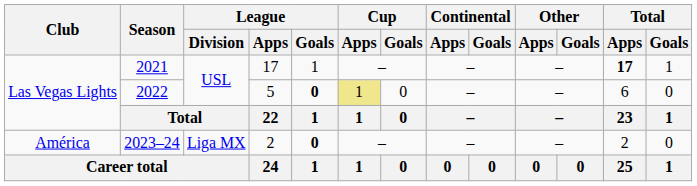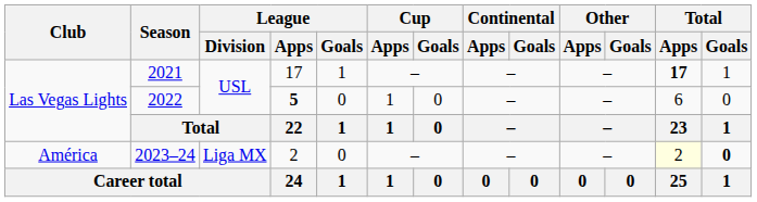 <table class="wikitable" style="text-align: center">
 <tr>
 <th rowspan="2">Club</th>
 <th rowspan="2">Season</th>
 <th colspan="3">League</th>
 <th colspan="2">Cup</th>
 <th colspan="2">Continental</th>
 <th colspan="2">Other</th>
 <th colspan="2">Total</th>
 </tr>
 <tr>
 <th>Division</th>
 <th>Apps</th>
 <th>Goals</th>
 <th>Apps</th>
 <th>Goals</th>
 <th>Apps</th>
 <th>Goals</th>
 <th>Apps</th>
 <th>Goals</th>
 <th>Apps</th>
 <th>Goals</th>
 </tr>
 <tr>
 <td rowspan="3"><a href='#'>Las Vegas Lights</a></td>
 <td><a href='#'>2021</a></td>
 <td rowspan="2"><a href='#'>USL</a></td>
 <td>17</td>
 <td>1</td>
 <td colspan="2">–</td>
 <td colspan="2">–</td>
 <td colspan="2">–</td>
 <td><strong>17</strong></td>
 <td>1</td>
 </tr>
 <tr>
 <td><a href='#'>2022</a></td>
-<td>5</td>
-<td><strong>0</strong></td>
-<td style="background: khaki;">1</td>
+<td><strong>5</strong></td>
+<td>0</td>
+<td>1</td>
 <td>0</td>
 <td colspan="2">–</td>
 <td colspan="2">–</td>
 <td>6</td>
 <td>0</td>
 </tr>
 <tr>
 <th colspan="2">Total</th>
 <th>22</th>
 <th>1</th>
 <th>1</th>
 <th>0</th>
 <th colspan="2">–</th>
 <th colspan="2">–</th>
 <th>23</th>
 <th>1</th>
 </tr>
 <tr>
 <td><a href='#'>América</a></td>
 <td><a href='#'>2023–24</a></td>
 <td><a href='#'>Liga MX</a></td>
 <td>2</td>
-<td><strong>0</strong></td>
+<td>0</td>
 <td colspan="2">–</td>
 <td colspan="2">–</td>
 <td colspan="2">–</td>
-<td>2</td>
-<td>0</td>
+<td style="background: lightyellow;">2</td>
+<td><strong>0</strong></td>
 </tr>
 <tr>
 <th colspan="3"><strong>Career total</strong></th>
 <th>24</th>
 <th>1</th>
 <th>1</th>
 <th>0</th>
 <th>0</th>
 <th>0</th>
 <th>0</th>
 <th>0</th>
 <th>25</th>
 <th>1</th>
 </tr>
 </table>
